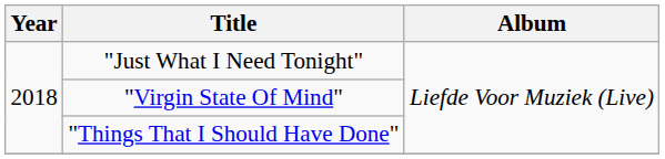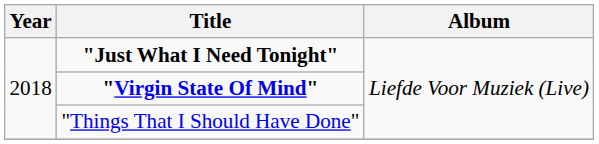 <table class="wikitable plainrowheaders" style="text-align:center;">
 <tr>
 <th scope="col">Year</th>
 <th scope="col">Title</th>
 <th scope="col">Album</th>
 </tr>
 <tr>
 <td rowspan="3">2018</td>
-<td>"Just What I Need Tonight"</td>
+<td><strong>"Just What I Need Tonight"</strong></td>
 <td rowspan="3"><em>Liefde Voor Muziek (Live)</em></td>
 </tr>
 <tr>
-<td>"<a href='#'>Virgin State Of Mind</a>"</td>
+<td><strong>"<a href='#'>Virgin State Of Mind</a>"</strong></td>
 </tr>
 <tr>
 <td>"<a href='#'>Things That I Should Have Done</a>"</td>
 </tr>
 <tr>
 </tr>
 </table>
